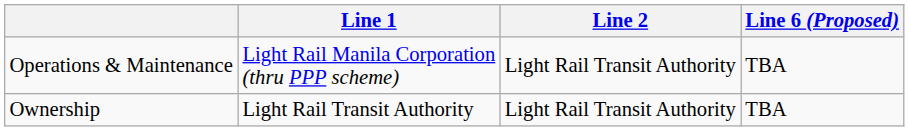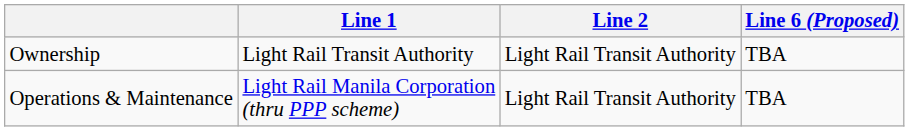 <table class="wikitable">
 <tr>
 <th></th>
 <th style="background:#"><a href='#'><span>Line 1</span></a></th>
 <th style="background:#"><a href='#'><span>Line 2</span></a></th>
 <th style="background:#"><a href='#'><span>Line 6 <em>(Proposed)</em></span></a></th>
 </tr>
 <tr>
+<td>Ownership</td>
+<td>Light Rail Transit Authority</td>
+<td>Light Rail Transit Authority</td>
+<td>TBA</td>
+</tr>
+<tr>
 <td>Operations & Maintenance</td>
 <td><a href='#'>Light Rail Manila Corporation</a><br><em>(thru <a href='#'>PPP</a> scheme)</em></td>
 <td>Light Rail Transit Authority</td>
 <td>TBA</td>
 </tr>
-<tr>
-<td>Ownership</td>
-<td>Light Rail Transit Authority</td>
-<td>Light Rail Transit Authority</td>
-<td>TBA</td>
-</tr>
 </table>
